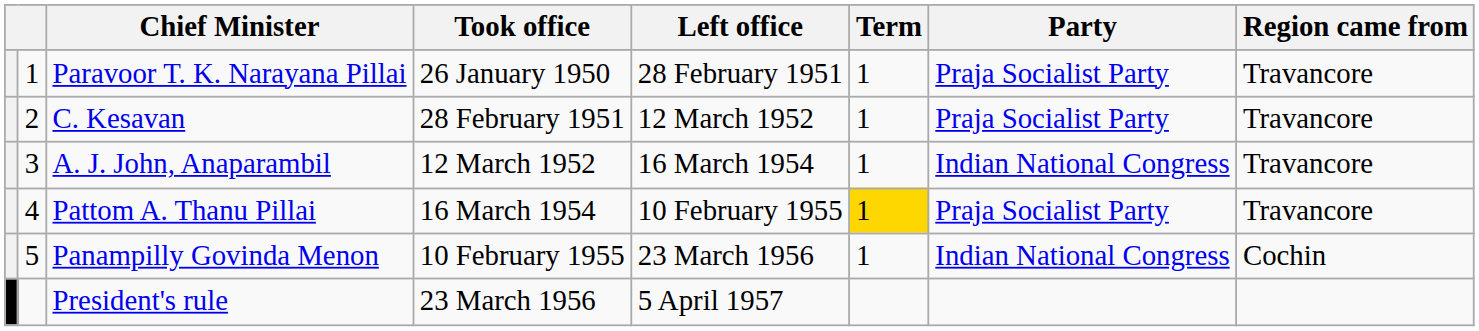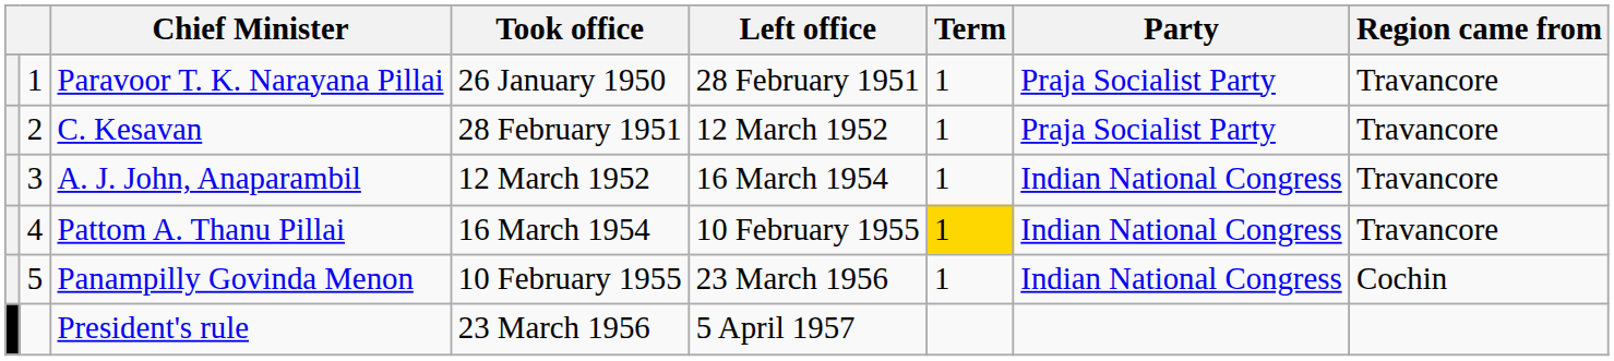 <table class="wikitable">
 <tr>
 <th colspan=2></th>
 <th>Chief Minister</th>
 <th>Took office</th>
 <th>Left office</th>
 <th>Term</th>
 <th>Party</th>
 <th>Region came from</th>
 </tr>
 <tr>
 <th style="background-color: "></th>
 <td>1</td>
 <td><a href='#'>Paravoor T. K. Narayana Pillai</a></td>
 <td>26 January 1950</td>
 <td>28 February 1951</td>
 <td>1</td>
 <td><a href='#'>Praja Socialist Party</a></td>
 <td>Travancore</td>
 </tr>
 <tr>
 <th style="background-color: "></th>
 <td>2</td>
 <td><a href='#'>C. Kesavan</a></td>
 <td>28 February 1951</td>
 <td>12 March 1952</td>
 <td>1</td>
 <td><a href='#'>Praja Socialist Party</a></td>
 <td>Travancore</td>
 </tr>
 <tr>
 <th style="background-color: "></th>
 <td>3</td>
 <td><a href='#'>A. J. John, Anaparambil</a></td>
 <td>12 March 1952</td>
 <td>16 March 1954</td>
 <td>1</td>
 <td><a href='#'>Indian National Congress</a></td>
 <td>Travancore</td>
 </tr>
 <tr>
 <th style="background-color: "></th>
 <td>4</td>
 <td><a href='#'>Pattom A. Thanu Pillai</a></td>
 <td>16 March 1954</td>
 <td>10 February 1955</td>
 <td style="background: gold;">1</td>
-<td><a href='#'>Praja Socialist Party</a></td>
+<td><a href='#'>Indian National Congress</a></td>
 <td>Travancore</td>
 </tr>
 <tr>
 <th style="background-color: "></th>
 <td>5</td>
 <td><a href='#'>Panampilly Govinda Menon</a></td>
 <td>10 February 1955</td>
 <td>23 March 1956</td>
 <td>1</td>
 <td><a href='#'>Indian National Congress</a></td>
 <td>Cochin</td>
 </tr>
 <tr>
 <th style="background-color: black"></th>
 <td></td>
 <td><a href='#'>President's rule</a></td>
 <td>23 March 1956</td>
 <td>5 April 1957</td>
 <td></td>
 <td></td>
 <td></td>
 </tr>
 </table>
